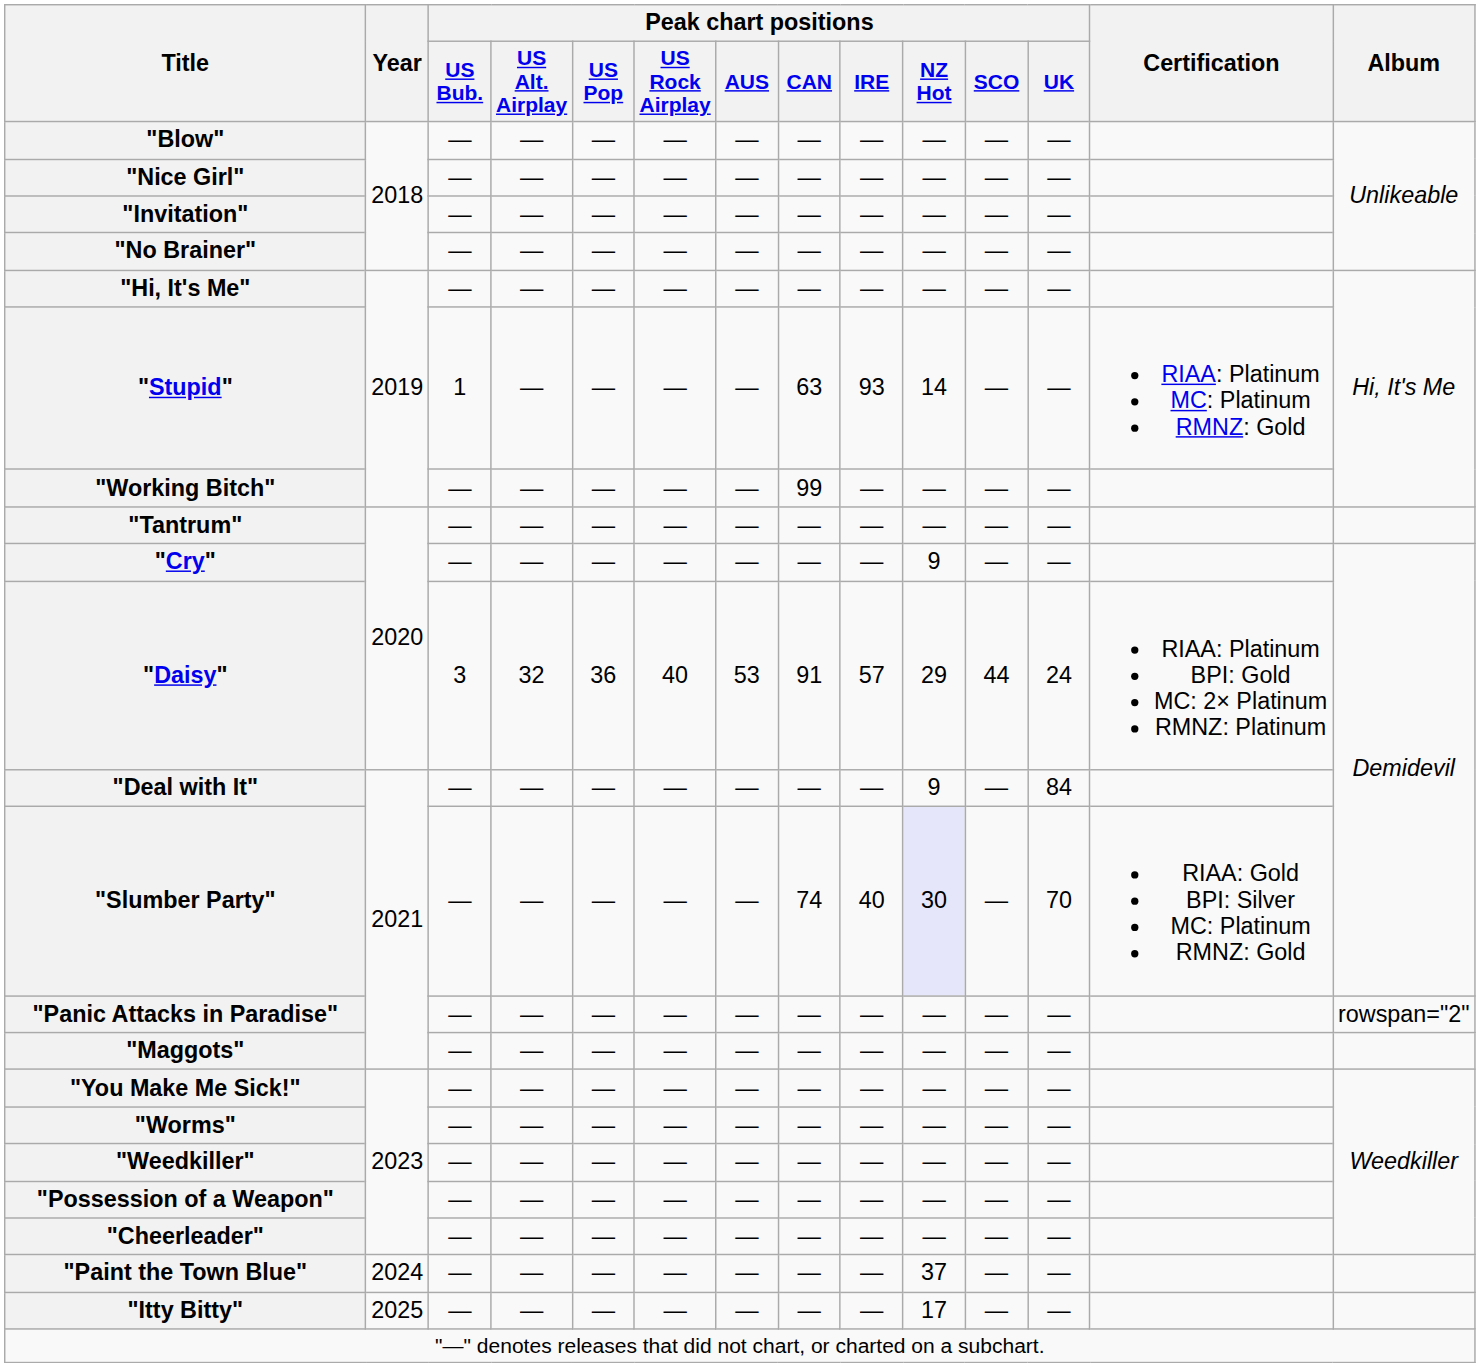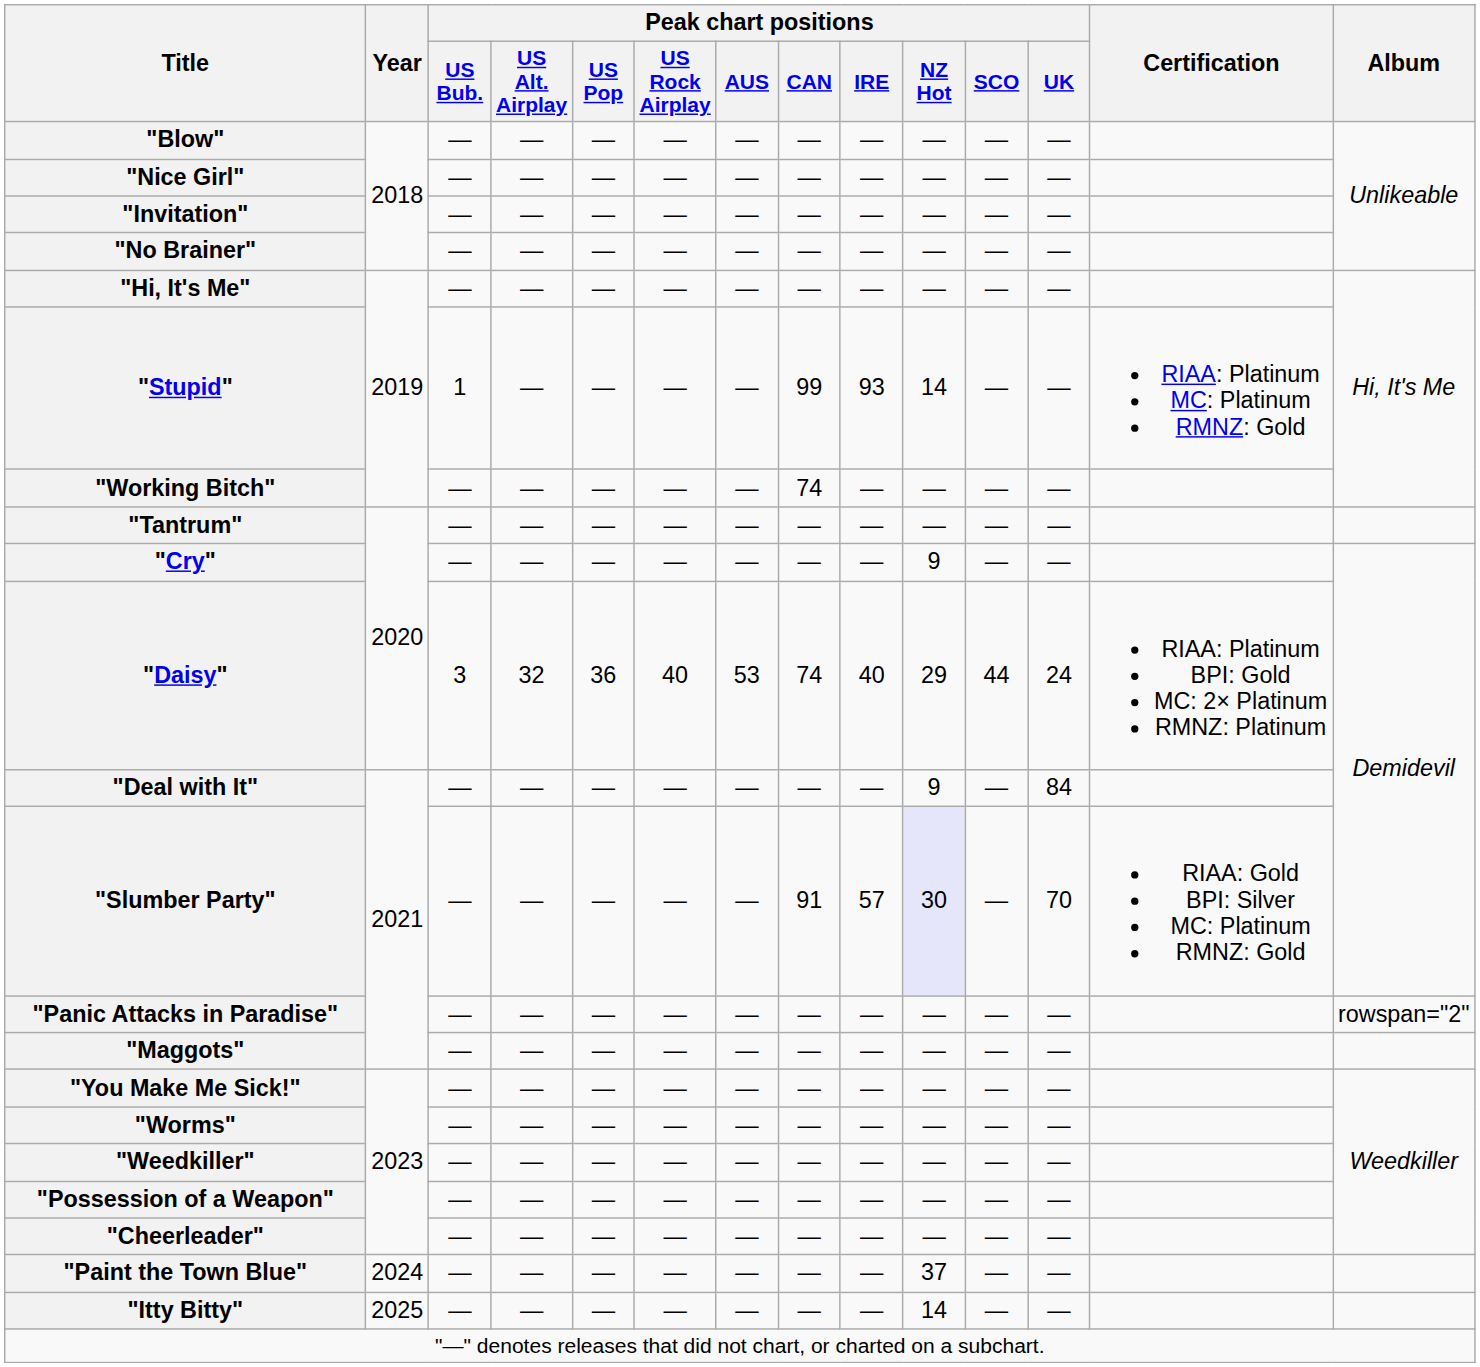 <table class="wikitable plainrowheaders" style="text-align:center;">
 <tr>
 <th scope="col" rowspan="2" style="width:15em;">Title</th>
 <th scope="col" rowspan="2">Year</th>
 <th scope="col" colspan="10">Peak chart positions</th>
 <th scope="col" rowspan="2">Certification</th>
 <th scope="col" rowspan="2">Album</th>
 </tr>
 <tr>
 <th scope="col" style="width:2.5em;font-size:90%;"><a href='#'>US<br>Bub.</a><br></th>
 <th scope="col" style="width:2.5em;font-size:90%;"><a href='#'>US<br>Alt.<br>Airplay</a><br></th>
 <th scope="col" style="width:2.5em;font-size:90%;"><a href='#'>US<br>Pop</a><br></th>
 <th scope="col" style="width:2.5em;font-size:90%;"><a href='#'>US<br>Rock<br>Airplay</a><br></th>
 <th scope="col" style="width:2.5em;font-size:90%;"><a href='#'>AUS</a><br></th>
 <th scope="col" style="width:2.5em;font-size:90%;"><a href='#'>CAN</a><br></th>
 <th scope="col" style="width:2.5em;font-size:90%;"><a href='#'>IRE</a><br></th>
 <th scope="col" style="width:2.5em;font-size:90%;"><a href='#'>NZ<br>Hot</a><br></th>
 <th scope="col" style="width:2.5em;font-size:90%;"><a href='#'>SCO</a><br></th>
 <th scope="col" style="width:2.5em;font-size:90%;"><a href='#'>UK</a><br></th>
 </tr>
 <tr>
 <th scope="row">"Blow"</th>
 <td rowspan="4">2018</td>
 <td>—</td>
 <td>—</td>
 <td>—</td>
 <td>—</td>
 <td>—</td>
 <td>—</td>
 <td>—</td>
 <td>—</td>
 <td>—</td>
 <td>—</td>
 <td></td>
 <td rowspan="4"><em>Unlikeable</em></td>
 </tr>
 <tr>
 <th scope="row">"Nice Girl"</th>
 <td>—</td>
 <td>—</td>
 <td>—</td>
 <td>—</td>
 <td>—</td>
 <td>—</td>
 <td>—</td>
 <td>—</td>
 <td>—</td>
 <td>—</td>
 <td></td>
 </tr>
 <tr>
 <th scope="row">"Invitation"<br></th>
 <td>—</td>
 <td>—</td>
 <td>—</td>
 <td>—</td>
 <td>—</td>
 <td>—</td>
 <td>—</td>
 <td>—</td>
 <td>—</td>
 <td>—</td>
 <td></td>
 </tr>
 <tr>
 <th scope="row">"No Brainer"</th>
 <td>—</td>
 <td>—</td>
 <td>—</td>
 <td>—</td>
 <td>—</td>
 <td>—</td>
 <td>—</td>
 <td>—</td>
 <td>—</td>
 <td>—</td>
 <td></td>
 </tr>
 <tr>
 <th scope="row">"Hi, It's Me"</th>
 <td rowspan="3">2019</td>
 <td>—</td>
 <td>—</td>
 <td>—</td>
 <td>—</td>
 <td>—</td>
 <td>—</td>
 <td>—</td>
 <td>—</td>
 <td>—</td>
 <td>—</td>
 <td></td>
 <td rowspan="3"><em>Hi, It's Me</em></td>
 </tr>
 <tr>
 <th scope="row">"<a href='#'>Stupid</a>"<br></th>
 <td>1</td>
 <td>—</td>
 <td>—</td>
 <td>—</td>
 <td>—</td>
-<td>63</td>
+<td>99</td>
 <td>93</td>
 <td>14</td>
 <td>—</td>
 <td>—</td>
 <td><br><ul><li><a href='#'>RIAA</a>: Platinum</li><li><a href='#'>MC</a>: Platinum</li><li><a href='#'>RMNZ</a>: Gold</li></ul></td>
 </tr>
 <tr>
 <th scope="row">"Working Bitch"</th>
 <td>—</td>
 <td>—</td>
 <td>—</td>
 <td>—</td>
 <td>—</td>
-<td>99</td>
+<td>74</td>
 <td>—</td>
 <td>—</td>
 <td>—</td>
 <td>—</td>
 <td></td>
 </tr>
 <tr>
 <th scope="row">"Tantrum"</th>
 <td rowspan="3">2020</td>
 <td>—</td>
 <td>—</td>
 <td>—</td>
 <td>—</td>
 <td>—</td>
 <td>—</td>
 <td>—</td>
 <td>—</td>
 <td>—</td>
 <td>—</td>
 <td></td>
 <td></td>
 </tr>
 <tr>
 <th scope="row">"<a href='#'>Cry</a>"<br></th>
 <td>—</td>
 <td>—</td>
 <td>—</td>
 <td>—</td>
 <td>—</td>
 <td>—</td>
 <td>—</td>
 <td>9</td>
 <td>—</td>
 <td>—</td>
 <td></td>
 <td rowspan="4"><em>Demidevil</em></td>
 </tr>
 <tr>
 <th scope="row">"<a href='#'>Daisy</a>"</th>
 <td>3</td>
 <td>32</td>
 <td>36</td>
 <td>40</td>
 <td>53</td>
-<td>91</td>
-<td>57</td>
+<td>74</td>
+<td>40<br></td>
 <td>29</td>
 <td>44</td>
 <td>24</td>
 <td><br><ul><li>RIAA: Platinum</li><li>BPI: Gold</li><li>MC: 2× Platinum</li><li>RMNZ: Platinum</li></ul></td>
 </tr>
 <tr>
 <th scope="row">"Deal with It"<br></th>
 <td rowspan="4">2021</td>
 <td>—</td>
 <td>—</td>
 <td>—</td>
 <td>—</td>
 <td>—</td>
 <td>—</td>
 <td>—</td>
 <td>9</td>
 <td>—</td>
 <td>84</td>
 <td></td>
 </tr>
 <tr>
 <th scope="row">"Slumber Party"<br></th>
 <td>—</td>
 <td>—</td>
 <td>—</td>
 <td>—</td>
 <td>—</td>
-<td>74</td>
-<td>40<br></td>
+<td>91</td>
+<td>57</td>
 <td style="background: lavender;">30</td>
 <td>—</td>
 <td>70</td>
 <td><br><ul><li>RIAA: Gold</li><li>BPI: Silver</li><li>MC: Platinum</li><li>RMNZ: Gold</li></ul></td>
 </tr>
 <tr>
 <th scope="row">"Panic Attacks in Paradise"</th>
 <td>—</td>
 <td>—</td>
 <td>—</td>
 <td>—</td>
 <td>—</td>
 <td>—</td>
 <td>—</td>
 <td>—</td>
 <td>—</td>
 <td>—</td>
 <td></td>
 <td>rowspan="2" </td>
 </tr>
 <tr>
 <th scope="row">"Maggots"</th>
 <td>—</td>
 <td>—</td>
 <td>—</td>
 <td>—</td>
 <td>—</td>
 <td>—</td>
 <td>—</td>
 <td>—</td>
 <td>—</td>
 <td>—</td>
 <td></td>
 </tr>
 <tr>
 <th scope="row">"You Make Me Sick!"</th>
 <td rowspan="5">2023</td>
 <td>—</td>
 <td>—</td>
 <td>—</td>
 <td>—</td>
 <td>—</td>
 <td>—</td>
 <td>—</td>
 <td>—</td>
 <td>—</td>
 <td>—</td>
 <td></td>
 <td rowspan="5"><em>Weedkiller</em></td>
 </tr>
 <tr>
 <th scope="row">"Worms"</th>
 <td>—</td>
 <td>—</td>
 <td>—</td>
 <td>—</td>
 <td>—</td>
 <td>—</td>
 <td>—</td>
 <td>—</td>
 <td>—</td>
 <td>—</td>
 <td></td>
 </tr>
 <tr>
 <th scope="row">"Weedkiller"</th>
 <td>—</td>
 <td>—</td>
 <td>—</td>
 <td>—</td>
 <td>—</td>
 <td>—</td>
 <td>—</td>
 <td>—</td>
 <td>—</td>
 <td>—</td>
 <td></td>
 </tr>
 <tr>
 <th scope="row">"Possession of a Weapon"</th>
 <td>—</td>
 <td>—</td>
 <td>—</td>
 <td>—</td>
 <td>—</td>
 <td>—</td>
 <td>—</td>
 <td>—</td>
 <td>—</td>
 <td>—</td>
 <td></td>
 </tr>
 <tr>
 <th scope="row">"Cheerleader"</th>
 <td>—</td>
 <td>—</td>
 <td>—</td>
 <td>—</td>
 <td>—</td>
 <td>—</td>
 <td>—</td>
 <td>—</td>
 <td>—</td>
 <td>—</td>
 <td></td>
 </tr>
 <tr>
 <th scope="row">"Paint the Town Blue"</th>
 <td>2024</td>
 <td>—</td>
 <td>—</td>
 <td>—</td>
 <td>—</td>
 <td>—</td>
 <td>—</td>
 <td>—</td>
 <td>37</td>
 <td>—</td>
 <td>—</td>
 <td></td>
 <td></td>
 </tr>
 <tr>
 <th scope="row">"Itty Bitty"</th>
 <td>2025</td>
 <td>—</td>
 <td>—</td>
 <td>—</td>
 <td>—</td>
 <td>—</td>
 <td>—</td>
 <td>—</td>
-<td>17</td>
+<td>14</td>
 <td>—</td>
 <td>—</td>
 <td></td>
 <td></td>
 </tr>
 <tr>
 <td colspan="14" style="font-size:90%">"—" denotes releases that did not chart, or charted on a subchart.</td>
 </tr>
 </table>
